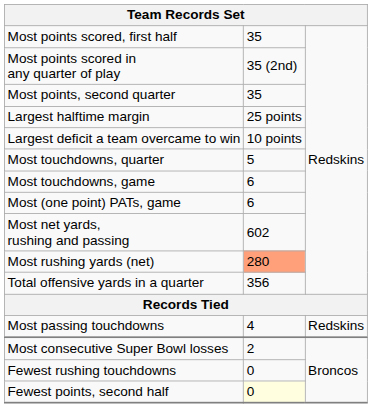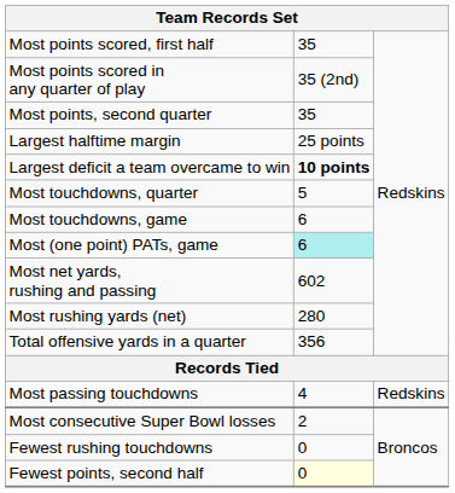 <table class="wikitable">
 <tr>
 <th colspan=3>Team Records Set</th>
 </tr>
 <tr>
 <td>Most points scored, first half</td>
 <td>35</td>
 <td rowspan=11>Redskins</td>
 </tr>
 <tr>
 <td>Most points scored in <br>any quarter of play</td>
 <td>35 (2nd)</td>
 </tr>
 <tr>
 <td>Most points, second quarter</td>
 <td>35</td>
 </tr>
 <tr>
 <td>Largest halftime margin</td>
 <td>25 points</td>
 </tr>
 <tr>
 <td>Largest deficit a team overcame to win</td>
-<td>10 points</td>
+<td><strong>10 points</strong></td>
 </tr>
 <tr>
 <td>Most touchdowns, quarter</td>
 <td>5</td>
 </tr>
 <tr>
 <td>Most touchdowns, game</td>
 <td>6</td>
 </tr>
 <tr>
 <td>Most (one point) PATs, game</td>
-<td>6</td>
+<td style="background: paleturquoise;">6</td>
 </tr>
 <tr>
 <td>Most net yards,<br> rushing and passing</td>
 <td>602</td>
 </tr>
 <tr>
 <td>Most rushing yards (net)</td>
-<td style="background: lightsalmon;">280</td>
+<td>280</td>
 </tr>
 <tr>
 <td>Total offensive yards in a quarter</td>
 <td>356</td>
 </tr>
 <tr>
 <th colspan=3>Records Tied</th>
 </tr>
 <tr style="border-bottom: 2px solid gray">
 <td>Most passing touchdowns</td>
 <td>4</td>
 <td>Redskins</td>
 </tr>
 <tr>
 <td>Most consecutive Super Bowl losses</td>
 <td>2</td>
 <td rowspan=3 style="border-bottom: 2px solid gray">Broncos</td>
 </tr>
 <tr>
 <td>Fewest rushing touchdowns</td>
 <td>0</td>
 </tr>
 <tr style="border-bottom: 2px solid gray">
 <td>Fewest points, second half</td>
 <td style="background: lightyellow;">0</td>
 </tr>
 </table>
